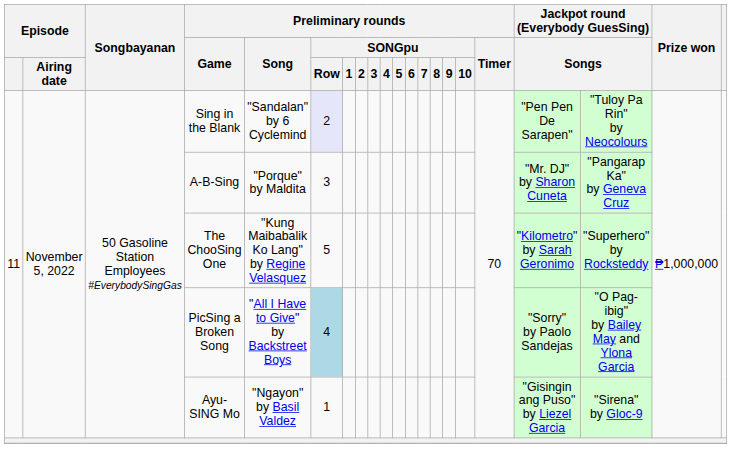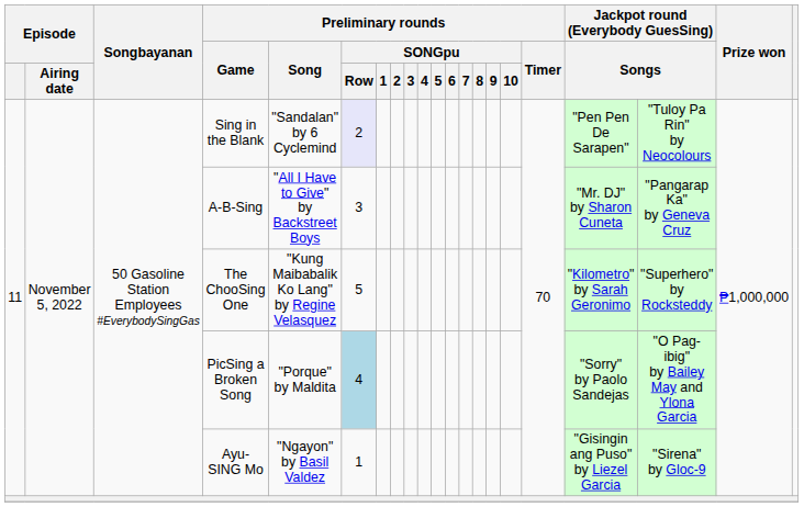 <table class="wikitable mw-collapsible mw-collapsed" style="text-align:center; width:100%">
 <tr>
 <th colspan=2 rowspan=2>Episode</th>
 <th rowspan=3>Songbayanan</th>
 <th colspan=14>Preliminary rounds</th>
 <th colspan=2>Jackpot round<br>(Everybody GuesSing)</th>
 <th rowspan=3>Prize won</th>
 <th rowspan=3></th>
 </tr>
 <tr>
 <th rowspan=2>Game</th>
 <th rowspan=2>Song</th>
 <th colspan=11>SONGpu</th>
 <th rowspan=2>Timer</th>
 <th colspan=2 rowspan=2>Songs</th>
 </tr>
 <tr>
 <th></th>
 <th>Airing date</th>
 <th>Row</th>
 <th>1</th>
 <th>2</th>
 <th>3</th>
 <th>4</th>
 <th>5</th>
 <th>6</th>
 <th>7</th>
 <th>8</th>
 <th>9</th>
 <th>10</th>
 </tr>
 <tr>
 <td rowspan=5>11</td>
 <td rowspan=5>November 5, 2022</td>
 <td rowspan=5>50 Gasoline Station Employees<br><small><em>#EverybodySingGas</em></small></td>
 <td>Sing in the Blank</td>
 <td>"Sandalan"<br>by 6 Cyclemind</td>
 <td style="background: lavender;">2</td>
 <td></td>
 <td></td>
 <td></td>
 <td></td>
 <td></td>
 <td></td>
 <td></td>
 <td></td>
 <td></td>
 <td></td>
 <td rowspan=5>70 </td>
 <td bgcolor=D2FFD2>"Pen Pen De Sarapen"</td>
 <td bgcolor=D2FFD2>"Tuloy Pa Rin"<br>by <a href='#'>Neocolours</a></td>
 <td rowspan=5><a href='#'>₱</a>1,000,000</td>
 <td rowspan=5></td>
 </tr>
 <tr>
 <td>A-B-Sing</td>
-<td>"Porque"<br>by Maldita</td>
+<td>"<a href='#'>All I Have to Give</a>"<br>by <a href='#'>Backstreet Boys</a></td>
 <td>3</td>
 <td></td>
 <td></td>
 <td></td>
 <td></td>
 <td></td>
 <td></td>
 <td></td>
 <td></td>
 <td></td>
 <td></td>
 <td bgcolor=D2FFD2>"Mr. DJ"<br>by <a href='#'>Sharon Cuneta</a></td>
 <td bgcolor=D2FFD2>"Pangarap Ka"<br>by <a href='#'>Geneva Cruz</a></td>
 </tr>
 <tr>
 <td>The ChooSing One</td>
 <td>"Kung Maibabalik Ko Lang"<br>by <a href='#'>Regine Velasquez</a></td>
 <td>5</td>
 <td></td>
 <td></td>
 <td></td>
 <td></td>
 <td></td>
 <td></td>
 <td></td>
 <td></td>
 <td></td>
 <td></td>
 <td bgcolor=D2FFD2>"<a href='#'>Kilometro</a>"<br>by <a href='#'>Sarah Geronimo</a></td>
 <td bgcolor=D2FFD2>"Superhero"<br>by <a href='#'>Rocksteddy</a></td>
 </tr>
 <tr>
 <td>PicSing a Broken Song</td>
-<td>"<a href='#'>All I Have to Give</a>"<br>by <a href='#'>Backstreet Boys</a></td>
+<td>"Porque"<br>by Maldita</td>
 <td style="background: lightblue;">4</td>
 <td></td>
 <td></td>
 <td></td>
 <td></td>
 <td></td>
 <td></td>
 <td></td>
 <td></td>
 <td></td>
 <td></td>
 <td bgcolor=D2FFD2>"Sorry"<br>by Paolo Sandejas</td>
 <td bgcolor=D2FFD2>"O Pag-ibig"<br>by <a href='#'>Bailey May</a> and <a href='#'>Ylona Garcia</a></td>
 </tr>
 <tr>
 <td>Ayu-SING Mo</td>
 <td>"Ngayon"<br>by <a href='#'>Basil Valdez</a></td>
 <td>1</td>
 <td></td>
 <td></td>
 <td></td>
 <td></td>
 <td></td>
 <td></td>
 <td></td>
 <td></td>
 <td></td>
 <td></td>
 <td bgcolor=D2FFD2>"Gisingin ang Puso"<br>by <a href='#'>Liezel Garcia</a></td>
 <td bgcolor=D2FFD2>"Sirena"<br>by <a href='#'>Gloc-9</a></td>
 </tr>
 <tr>
 <th colspan=21 bgcolor=555></th>
 </tr>
 <tr>
 </tr>
 </table>
